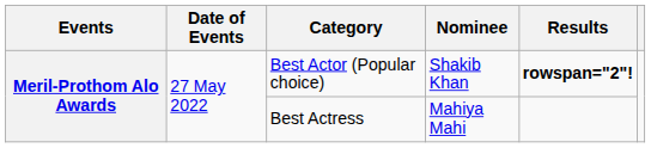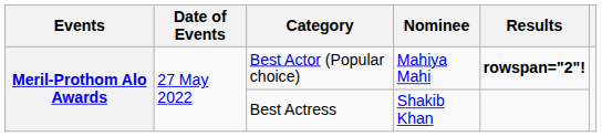 <table class="wikitable">
 <tr>
 <th>Events</th>
 <th>Date of Events</th>
 <th>Category</th>
 <th>Nominee</th>
 <th>Results</th>
 <th></th>
 </tr>
 <tr>
 <th rowspan="2"><a href='#'>Meril-Prothom Alo Awards</a></th>
 <td rowspan="2"><a href='#'>27 May 2022</a></td>
 <td><a href='#'>Best Actor</a> (Popular choice)</td>
-<td><a href='#'>Shakib Khan</a></td>
+<td><a href='#'>Mahiya Mahi</a></td>
 <td><strong>rowspan="2"! </strong></td>
 <td rowspan="2"><br></td>
 </tr>
 <tr>
 <td>Best Actress</td>
-<td><a href='#'>Mahiya Mahi</a></td>
+<td><a href='#'>Shakib Khan</a></td>
 </tr>
 </table>
